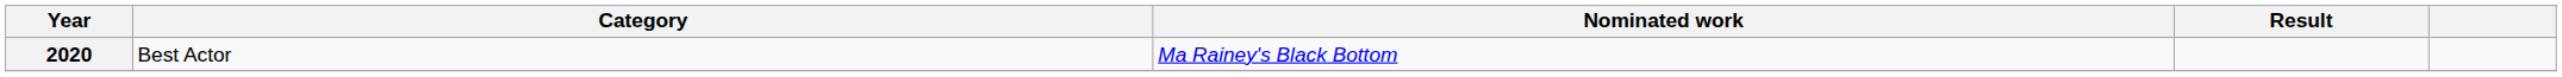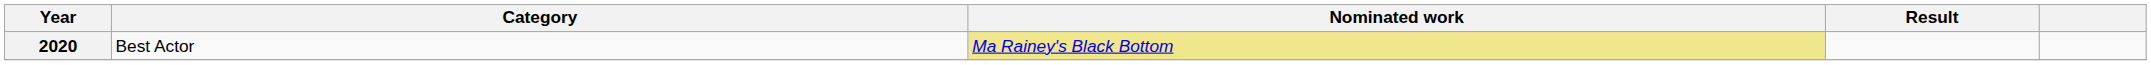 <table class="wikitable plainrowheaders" style="width:100%;">
 <tr>
 <th scope="col" style="width:5%;">Year</th>
 <th scope="col" style="width:40%;">Category</th>
 <th scope="col" style="width:40%;">Nominated work</th>
 <th scope="col" style="width:10%;">Result</th>
 <th scope="col" style="width:5%;"></th>
 </tr>
 <tr>
 <th scope="row" style="text-align:center;">2020</th>
 <td>Best Actor</td>
-<td><em><a href='#'>Ma Rainey's Black Bottom</a></em></td>
+<td style="background: khaki;"><em><a href='#'>Ma Rainey's Black Bottom</a></em></td>
 <td></td>
 <td style="text-align:center;"></td>
 </tr>
 <tr>
 </tr>
 </table>
